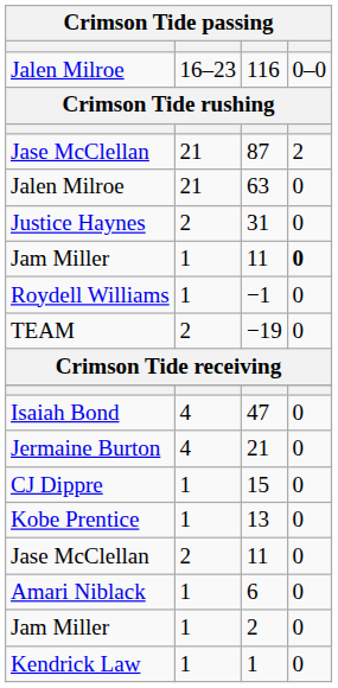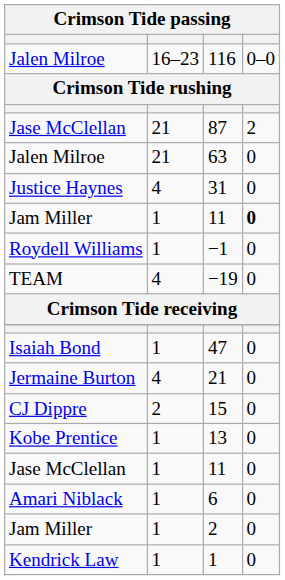 <table class="wikitable plainrowheaders">
 <tr>
 <th colspan="6">Crimson Tide passing</th>
 </tr>
 <tr>
 <th scope="col"></th>
 <th scope="col"></th>
 <th scope="col"></th>
 <th scope="col"></th>
 </tr>
 <tr>
 <td><a href='#'>Jalen Milroe</a></td>
 <td>16–23</td>
 <td>116</td>
 <td>0–0</td>
 </tr>
 <tr>
 <th colspan="6">Crimson Tide rushing</th>
 </tr>
 <tr>
 <th scope="col"></th>
 <th scope="col"></th>
 <th scope="col"></th>
 <th scope="col"></th>
 </tr>
 <tr>
 <td><a href='#'>Jase McClellan</a></td>
 <td>21</td>
 <td>87</td>
 <td>2</td>
 </tr>
 <tr>
 <td>Jalen Milroe</td>
 <td>21</td>
 <td>63</td>
 <td>0</td>
 </tr>
 <tr>
 <td><a href='#'>Justice Haynes</a></td>
-<td>2</td>
+<td>4</td>
 <td>31</td>
 <td>0</td>
 </tr>
 <tr>
 <td>Jam Miller</td>
 <td>1</td>
 <td>11</td>
 <td><strong>0</strong></td>
 </tr>
 <tr>
 <td><a href='#'>Roydell Williams</a></td>
 <td>1</td>
 <td>−1</td>
 <td>0</td>
 </tr>
 <tr>
 <td>TEAM</td>
-<td>2</td>
+<td>4</td>
 <td>−19</td>
 <td>0</td>
 </tr>
 <tr>
 <th colspan="6">Crimson Tide receiving</th>
 </tr>
 <tr>
 </tr>
 <tr>
 <th scope="col"></th>
 <th scope="col"></th>
 <th scope="col"></th>
 <th scope="col"></th>
 </tr>
 <tr>
 <td><a href='#'>Isaiah Bond</a></td>
-<td>4</td>
+<td>1</td>
 <td>47</td>
 <td>0</td>
 </tr>
 <tr>
 <td><a href='#'>Jermaine Burton</a></td>
 <td>4</td>
 <td>21</td>
 <td>0</td>
 </tr>
 <tr>
 <td><a href='#'>CJ Dippre</a></td>
-<td>1</td>
+<td>2</td>
 <td>15</td>
 <td>0</td>
 </tr>
 <tr>
 <td><a href='#'>Kobe Prentice</a></td>
 <td>1</td>
 <td>13</td>
 <td>0</td>
 </tr>
 <tr>
 <td>Jase McClellan</td>
-<td>2</td>
+<td>1</td>
 <td>11</td>
 <td>0</td>
 </tr>
 <tr>
 <td><a href='#'>Amari Niblack</a></td>
 <td>1</td>
 <td>6</td>
 <td>0</td>
 </tr>
 <tr>
 <td>Jam Miller</td>
 <td>1</td>
 <td>2</td>
 <td>0</td>
 </tr>
 <tr>
 <td><a href='#'>Kendrick Law</a></td>
 <td>1</td>
 <td>1</td>
 <td>0</td>
 </tr>
 </table>
